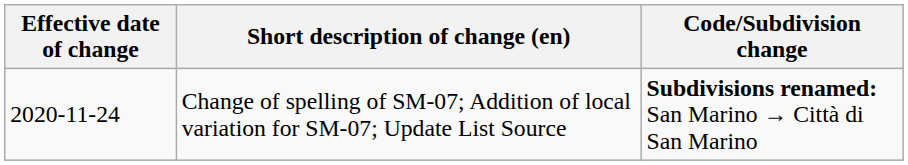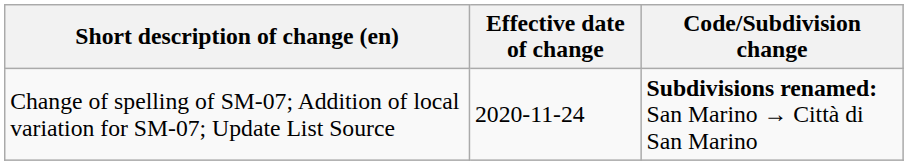 <table class="wikitable">
 <tr>
+<th>Short description of change (en)</th>
 <th>Effective date of change</th>
-<th>Short description of change (en)</th>
 <th>Code/Subdivision change</th>
 </tr>
 <tr>
+<td>Change of spelling of SM-07; Addition of local variation for SM-07; Update List Source</td>
 <td>2020-11-24</td>
-<td>Change of spelling of SM-07; Addition of local variation for SM-07; Update List Source</td>
 <td><strong>Subdivisions renamed:</strong><br>  San Marino → Città di San Marino</td>
 </tr>
 </table>
